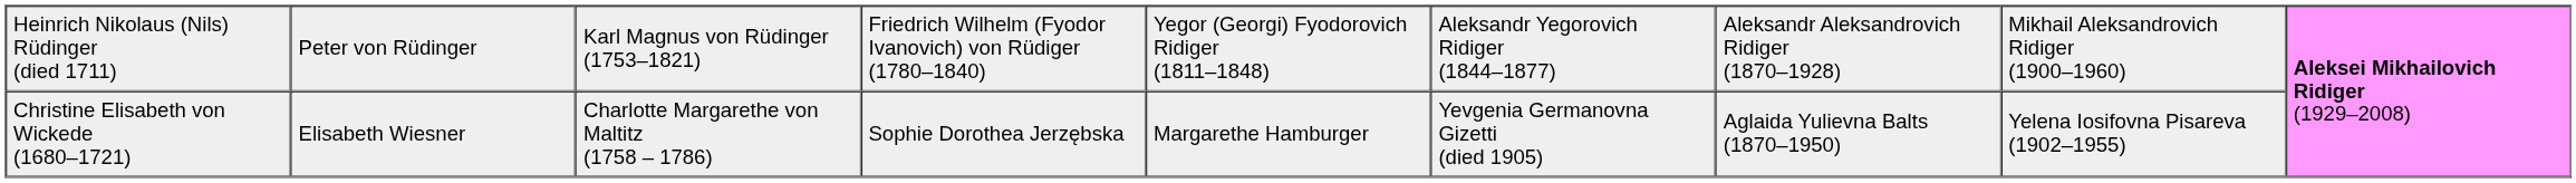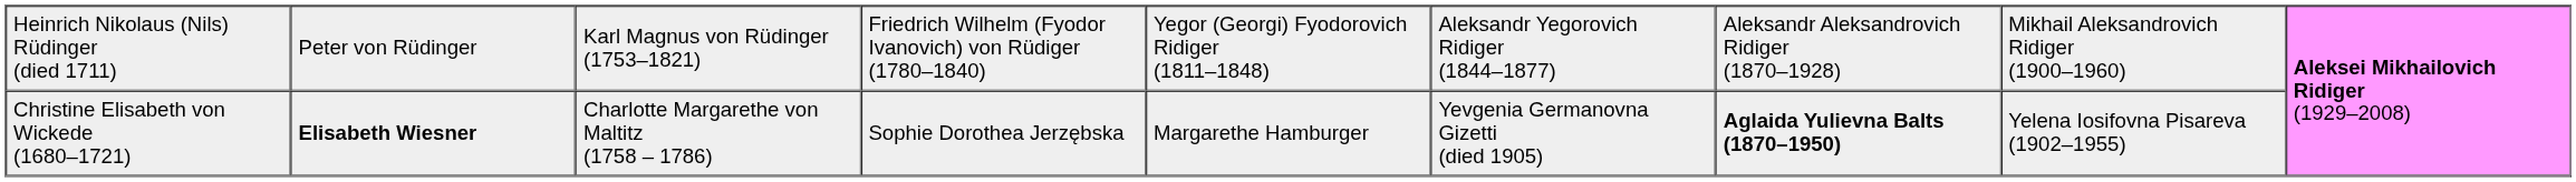 <table border="1" cellpadding="5" cellspacing="0" style="margin:auto;">
 <tr>
 <td style="width:11%; background:#efefef;">Heinrich Nikolaus (Nils) Rüdinger<br>(died 1711)</td>
 <td style="width:11%; background:#efefef;">Peter von Rüdinger</td>
 <td style="width:11%; background:#efefef;">Karl Magnus von Rüdinger<br> (1753–1821)</td>
 <td style="width:11%; background:#efefef;">Friedrich Wilhelm (Fyodor Ivanovich) von Rüdiger<br>(1780–1840)</td>
 <td style="width:11%; background:#efefef;">Yegor (Georgi) Fyodorovich Ridiger<br>(1811–1848)</td>
 <td style="width:11%; background:#efefef;">Aleksandr Yegorovich Ridiger<br> (1844–1877)</td>
 <td style="width:11%; background:#efefef;">Aleksandr Aleksandrovich Ridiger<br> (1870–1928)</td>
 <td style="width:11%; background:#efefef;">Mikhail Aleksandrovich Ridiger<br> (1900–1960)</td>
 <td rowspan="2"  style="background:#f9f; width:11%;"><strong>Aleksei Mikhailovich Ridiger</strong><br>(1929–2008)</td>
 </tr>
 <tr style="background:#efefef;">
 <td>Christine Elisabeth von Wickede<br>(1680–1721)</td>
-<td>Elisabeth Wiesner</td>
+<td><strong>Elisabeth Wiesner</strong></td>
 <td>Charlotte Margarethe von Maltitz<br>(1758 – 1786)</td>
 <td>Sophie Dorothea Jerzębska</td>
 <td>Margarethe Hamburger</td>
 <td>Yevgenia Germanovna Gizetti<br>(died 1905)</td>
-<td>Aglaida Yulievna Balts<br>(1870–1950)</td>
+<td><strong>Aglaida Yulievna Balts<br>(1870–1950)</strong></td>
 <td>Yelena Iosifovna Pisareva<br>(1902–1955)</td>
 </tr>
 </table>
